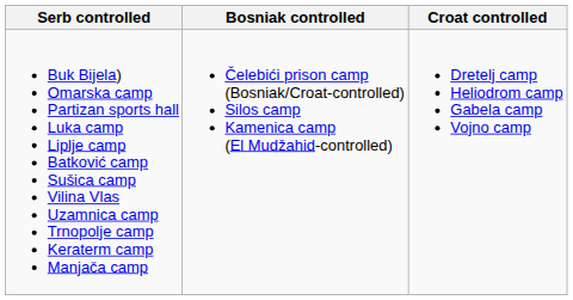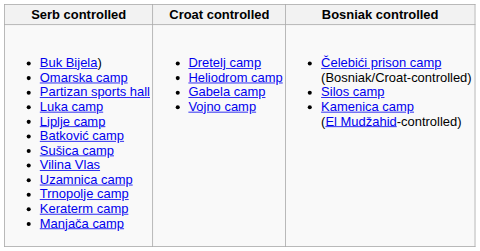 <table class="wikitable">
 <tr>
 <th>Serb controlled</th>
+<th>Croat controlled</th>
 <th>Bosniak controlled</th>
-<th>Croat controlled</th>
 </tr>
 <tr>
 <td valign="top"><br><ul><li><a href='#'>Buk Bijela</a>)</li><li><a href='#'>Omarska camp</a></li><li><a href='#'>Partizan sports hall</a></li><li><a href='#'>Luka camp</a></li><li><a href='#'>Liplje camp</a></li><li><a href='#'>Batković camp</a></li><li><a href='#'>Sušica camp</a></li><li><a href='#'>Vilina Vlas</a></li><li><a href='#'>Uzamnica camp</a></li><li><a href='#'>Trnopolje camp</a></li><li><a href='#'>Keraterm camp</a></li><li><a href='#'>Manjača camp</a></li></ul></td>
+<td valign="top"><br><ul><li><a href='#'>Dretelj camp</a></li><li><a href='#'>Heliodrom camp</a></li><li><a href='#'>Gabela camp</a></li><li><a href='#'>Vojno camp</a></li></ul></td>
 <td valign="top"><br><ul><li><a href='#'>Čelebići prison camp</a><br>(Bosniak/Croat-controlled)</li><li><a href='#'>Silos camp</a></li><li><a href='#'>Kamenica camp</a><br>(<a href='#'>El Mudžahid</a>-controlled)</li></ul></td>
-<td valign="top"><br><ul><li><a href='#'>Dretelj camp</a></li><li><a href='#'>Heliodrom camp</a></li><li><a href='#'>Gabela camp</a></li><li><a href='#'>Vojno camp</a></li></ul></td>
 </tr>
 </table>
